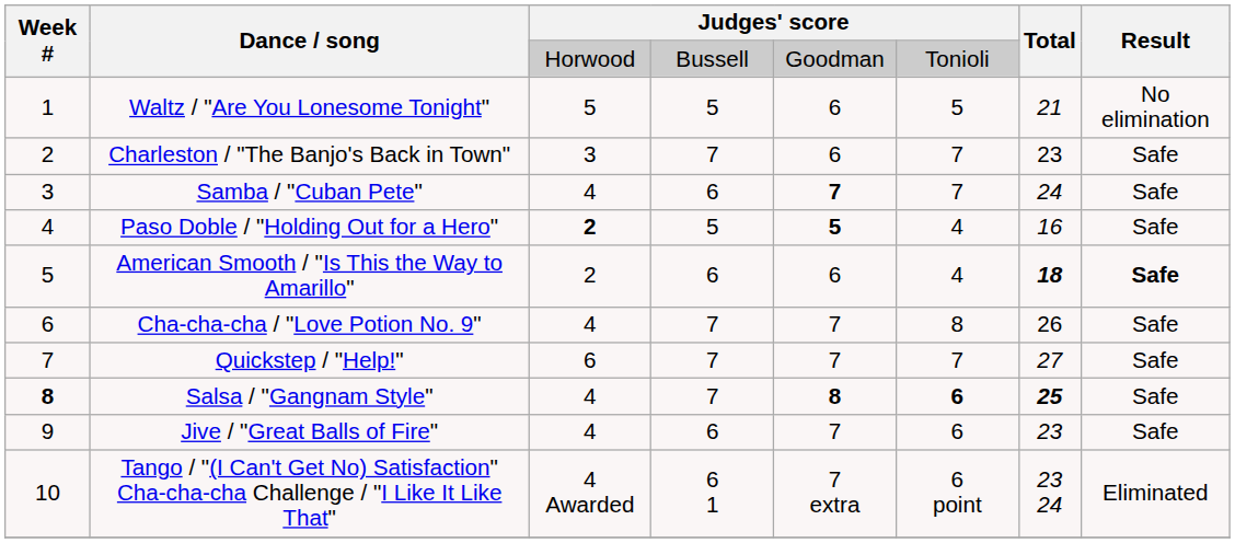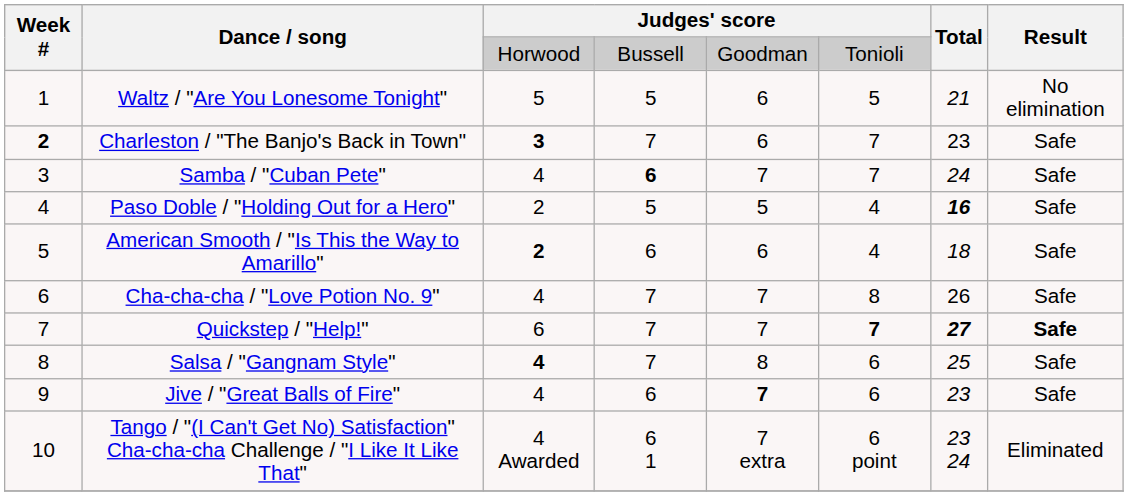 <table class="wikitable collapsible collapsed">
 <tr style="text-align:Center; background:#ccc;">
 <th rowspan="2">Week #</th>
 <th rowspan="2">Dance / song</th>
 <th colspan="4">Judges' score</th>
 <th rowspan="2">Total</th>
 <th rowspan="2">Result</th>
 </tr>
 <tr style="text-align:center; background:#ccc;">
 <td style="width:10%;">Horwood</td>
 <td style="width:10%;">Bussell</td>
 <td style="width:10%;">Goodman</td>
 <td style="width:10%;">Tonioli</td>
 </tr>
 <tr style="text-align: center; background:#faf6f6;">
 <td>1</td>
 <td><a href='#'>Waltz</a> / "<a href='#'>Are You Lonesome Tonight</a>"</td>
 <td>5</td>
 <td>5</td>
 <td>6</td>
 <td>5</td>
 <td><span><em>21</em></span></td>
 <td>No elimination</td>
 </tr>
 <tr style="text-align: center; background:#faf6f6;">
-<td>2</td>
+<td><strong>2</strong></td>
 <td><a href='#'>Charleston</a> / "The Banjo's Back in Town"</td>
-<td>3</td>
+<td><strong>3</strong></td>
 <td>7</td>
 <td>6</td>
 <td>7</td>
 <td>23</td>
 <td>Safe</td>
 </tr>
 <tr style="text-align: center; background:#faf6f6;">
 <td>3</td>
 <td><a href='#'>Samba</a> / "<a href='#'>Cuban Pete</a>"</td>
 <td>4</td>
-<td>6</td>
-<td><strong>7</strong></td>
+<td><strong>6</strong></td>
+<td>7</td>
 <td>7</td>
 <td><span><em>24</em></span></td>
 <td>Safe</td>
 </tr>
 <tr style="text-align: center; background:#faf6f6;">
 <td>4</td>
 <td><a href='#'>Paso Doble</a> / "<a href='#'>Holding Out for a Hero</a>"</td>
-<td><strong>2</strong></td>
+<td>2</td>
 <td>5</td>
-<td><strong>5</strong></td>
+<td>5</td>
 <td>4</td>
-<td><span><em>16</em></span></td>
+<td><strong><span><em>16</em></span></strong></td>
 <td>Safe</td>
 </tr>
 <tr style="text-align: center; background:#faf6f6;">
 <td>5</td>
 <td><a href='#'>American Smooth</a> / "<a href='#'>Is This the Way to Amarillo</a>"</td>
-<td>2</td>
+<td><strong>2</strong></td>
 <td>6</td>
 <td>6</td>
 <td>4</td>
-<td><strong><span><em>18</em></span></strong></td>
-<td><strong>Safe</strong></td>
+<td><span><em>18</em></span></td>
+<td>Safe</td>
 </tr>
 <tr style="text-align: center; background:#faf6f6;">
 <td>6</td>
 <td><a href='#'>Cha-cha-cha</a> / "<a href='#'>Love Potion No. 9</a>"</td>
 <td>4</td>
 <td>7</td>
 <td>7</td>
 <td>8</td>
 <td>26</td>
 <td>Safe</td>
 </tr>
 <tr style="text-align: center; background:#faf6f6;">
 <td>7</td>
 <td><a href='#'>Quickstep</a> / "<a href='#'>Help!</a>"</td>
 <td>6</td>
 <td>7</td>
 <td>7</td>
-<td>7</td>
-<td><span><em>27</em></span></td>
-<td>Safe</td>
+<td><strong>7</strong></td>
+<td><strong><span><em>27</em></span></strong></td>
+<td><strong>Safe</strong></td>
 </tr>
 <tr style="text-align: center; background:#faf6f6;">
-<td><strong>8</strong></td>
+<td>8</td>
 <td><a href='#'>Salsa</a> / "<a href='#'>Gangnam Style</a>"</td>
-<td>4</td>
+<td><strong>4</strong></td>
 <td>7</td>
-<td><strong>8</strong></td>
-<td><strong>6</strong></td>
-<td><strong><span><em>25</em></span></strong></td>
+<td>8</td>
+<td>6</td>
+<td><span><em>25</em></span></td>
 <td>Safe</td>
 </tr>
 <tr style="text-align: center; background:#faf6f6;">
 <td>9</td>
 <td><a href='#'>Jive</a> / "<a href='#'>Great Balls of Fire</a>"</td>
 <td>4</td>
 <td>6</td>
-<td>7</td>
+<td><strong>7</strong></td>
 <td>6</td>
 <td><span><em>23</em></span></td>
 <td>Safe</td>
 </tr>
 <tr style="text-align: center; background:#faf6f6;">
 <td>10</td>
 <td><a href='#'>Tango</a> / "<a href='#'>(I Can't Get No) Satisfaction</a>"<br><a href='#'>Cha-cha-cha</a> Challenge / "<a href='#'>I Like It Like That</a>"</td>
 <td>4<br>Awarded</td>
 <td>6<br><span>1</span></td>
 <td>7<br>extra</td>
 <td>6<br>point</td>
 <td><span><em>23</em></span><br><span><em>24</em></span></td>
 <td>Eliminated</td>
 </tr>
 <tr style="text-align: center; background:#faf6f6;">
 </tr>
 </table>
